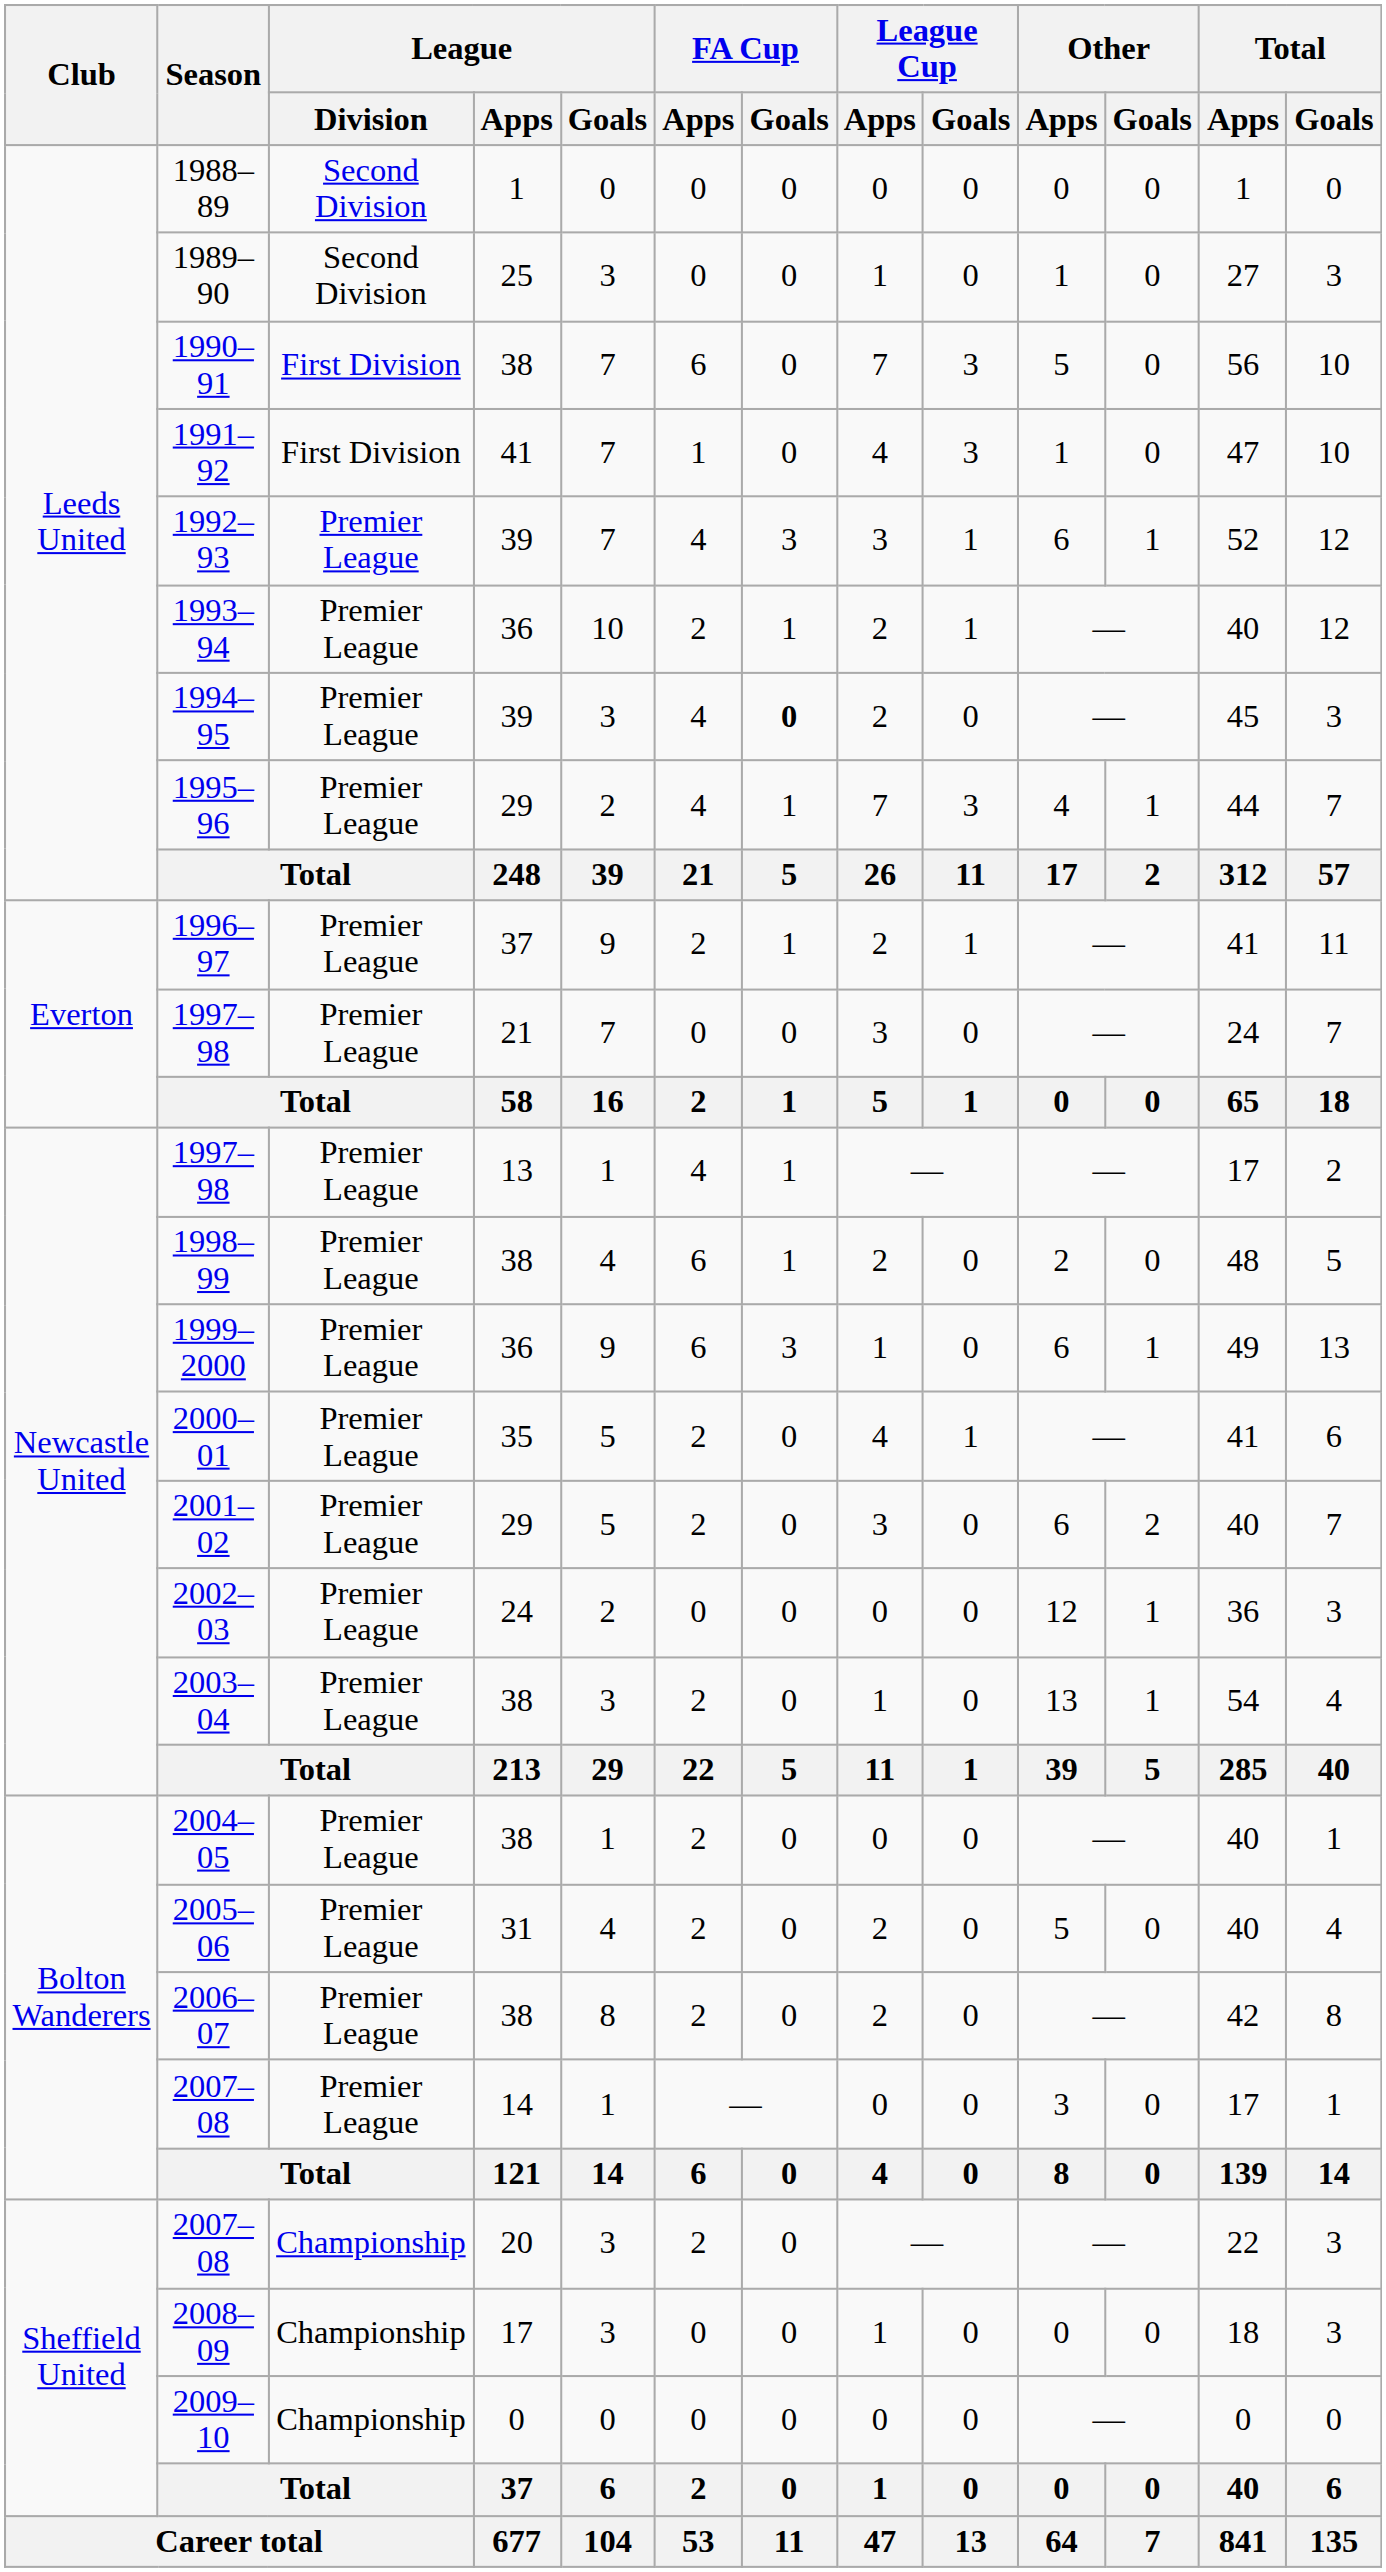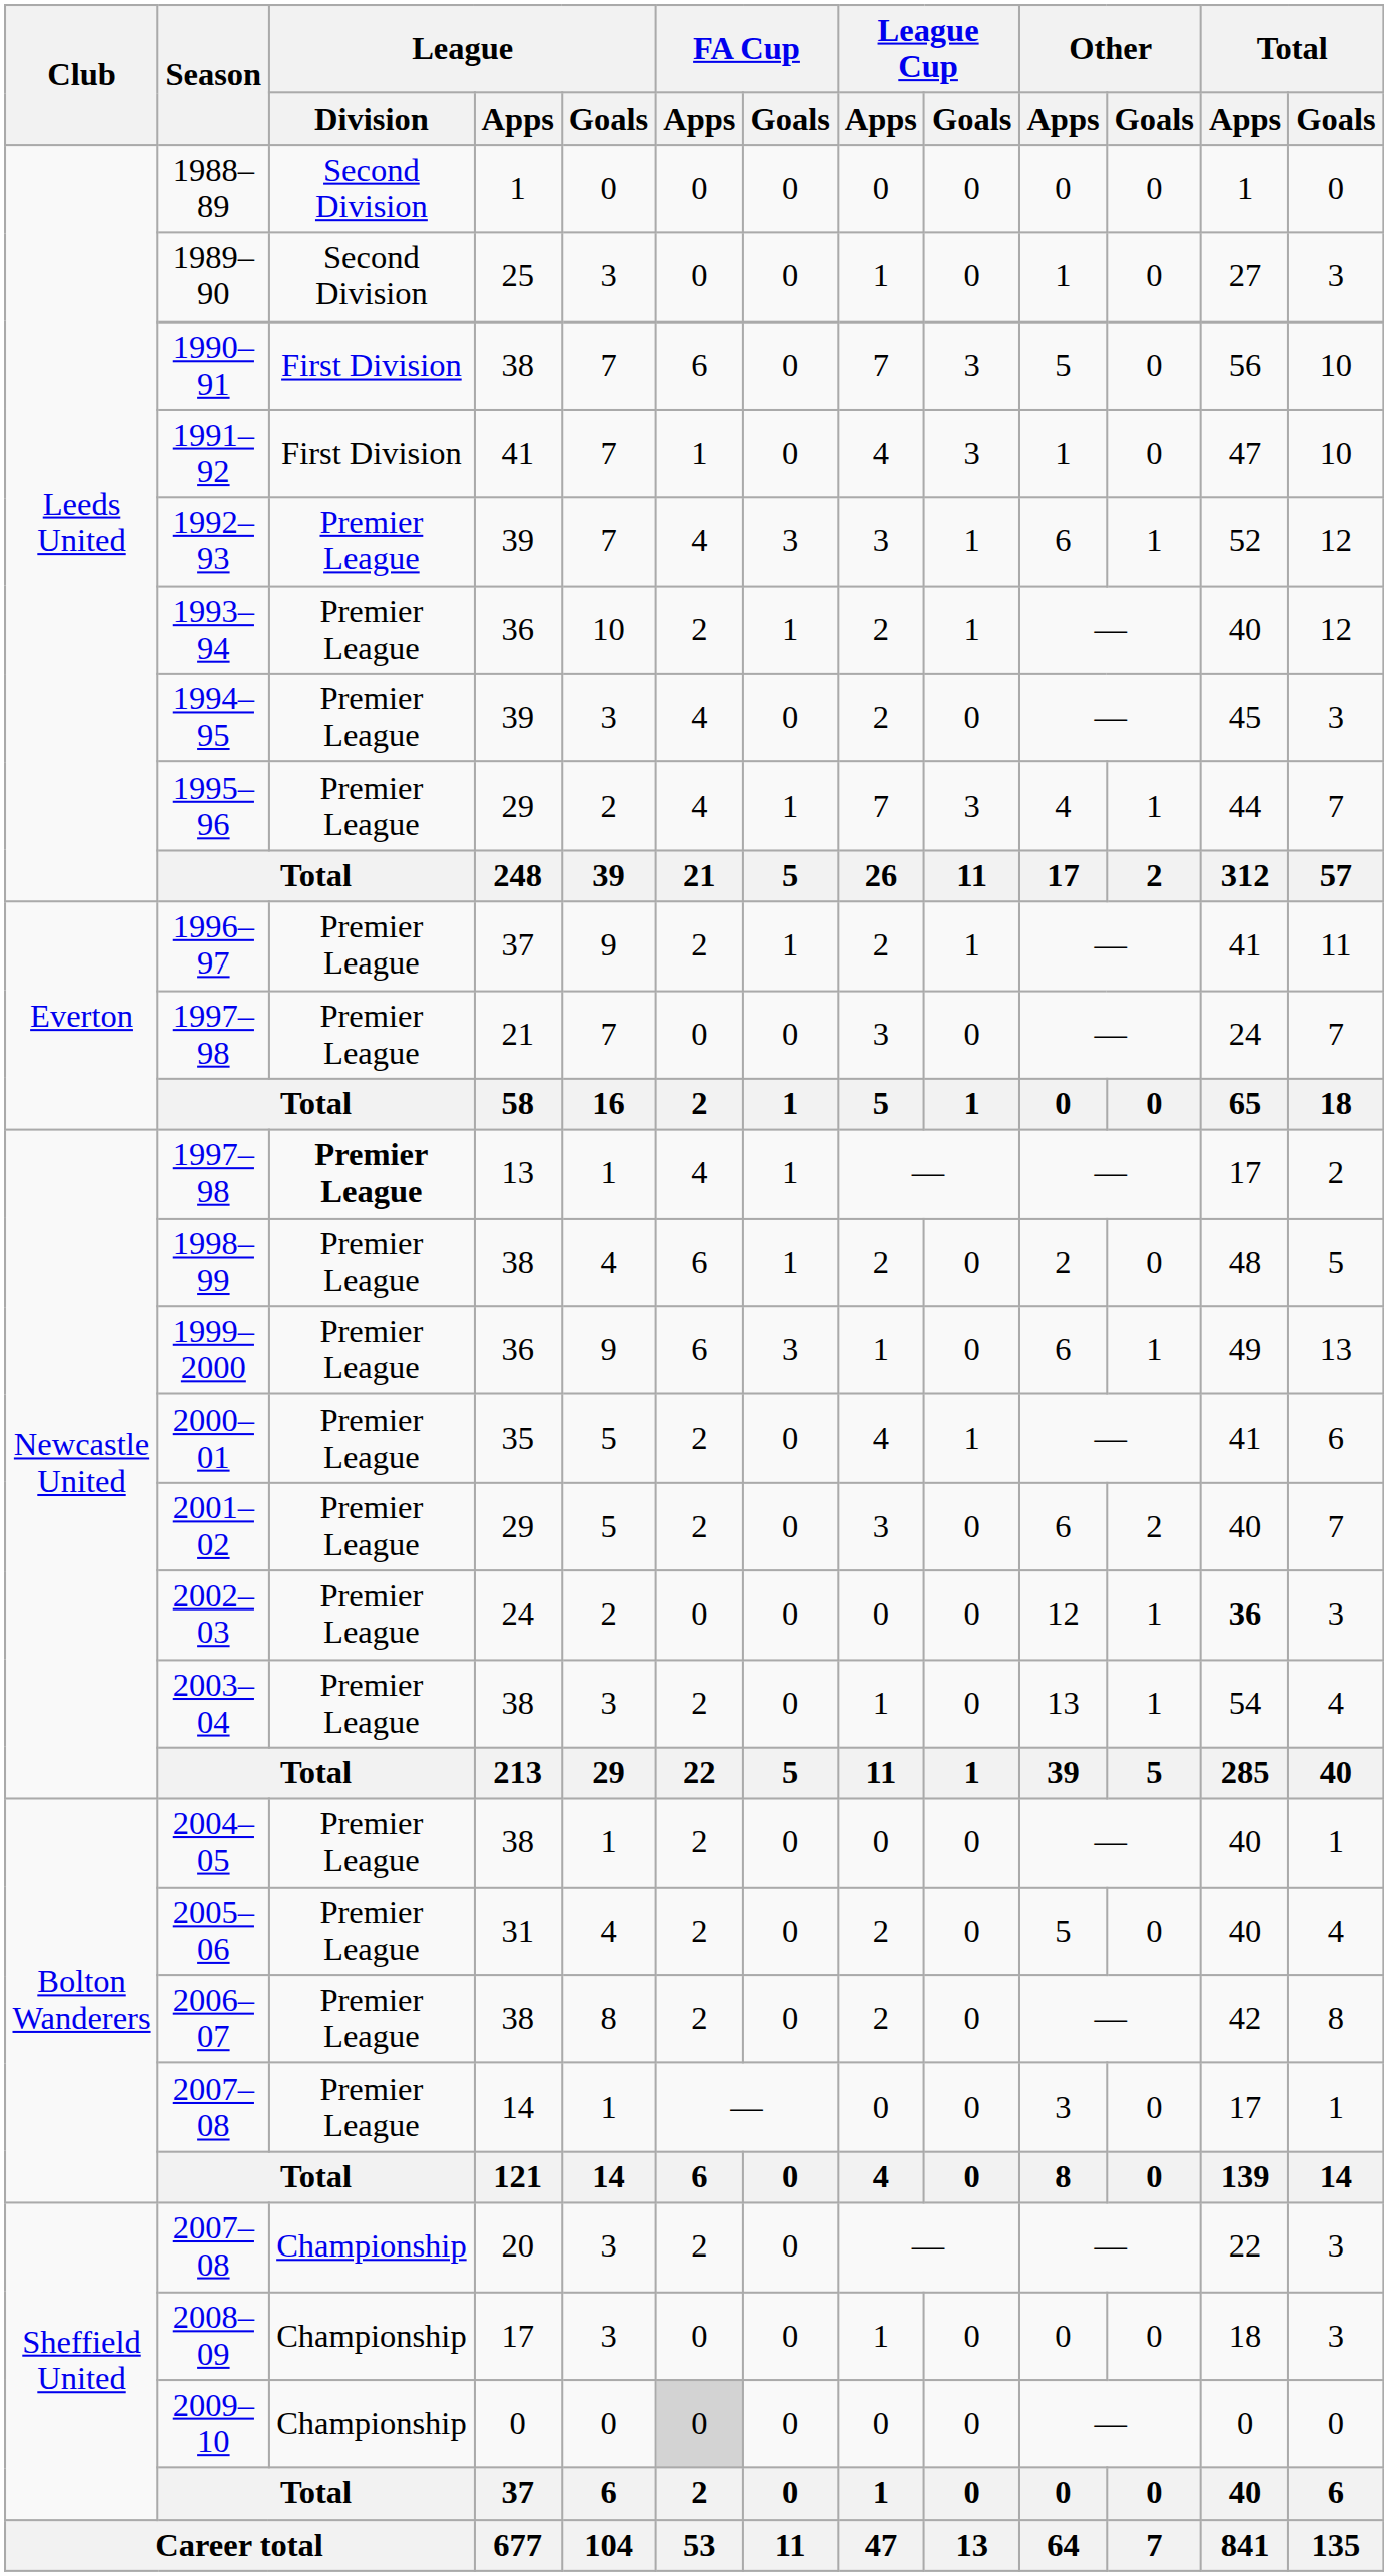 <table class="wikitable" style="text-align:center">
 <tr>
 <th rowspan="2">Club</th>
 <th rowspan="2">Season</th>
 <th colspan="3">League</th>
 <th colspan="2"><a href='#'>FA Cup</a></th>
 <th colspan="2"><a href='#'>League Cup</a></th>
 <th colspan="2">Other</th>
 <th colspan="2">Total</th>
 </tr>
 <tr>
 <th>Division</th>
 <th>Apps</th>
 <th>Goals</th>
 <th>Apps</th>
 <th>Goals</th>
 <th>Apps</th>
 <th>Goals</th>
 <th>Apps</th>
 <th>Goals</th>
 <th>Apps</th>
 <th>Goals</th>
 </tr>
 <tr>
 <td rowspan=9><a href='#'>Leeds United</a></td>
 <td>1988–89</td>
 <td><a href='#'>Second Division</a></td>
 <td>1</td>
 <td>0</td>
 <td>0</td>
 <td>0</td>
 <td>0</td>
 <td>0</td>
 <td>0</td>
 <td>0</td>
 <td>1</td>
 <td>0</td>
 </tr>
 <tr>
 <td>1989–90</td>
 <td>Second Division</td>
 <td>25</td>
 <td>3</td>
 <td>0</td>
 <td>0</td>
 <td>1</td>
 <td>0</td>
 <td>1</td>
 <td>0</td>
 <td>27</td>
 <td>3</td>
 </tr>
 <tr>
 <td><a href='#'>1990–91</a></td>
 <td><a href='#'>First Division</a></td>
 <td>38</td>
 <td>7</td>
 <td>6</td>
 <td>0</td>
 <td>7</td>
 <td>3</td>
 <td>5</td>
 <td>0</td>
 <td>56</td>
 <td>10</td>
 </tr>
 <tr>
 <td><a href='#'>1991–92</a></td>
 <td>First Division</td>
 <td>41</td>
 <td>7</td>
 <td>1</td>
 <td>0</td>
 <td>4</td>
 <td>3</td>
 <td>1</td>
 <td>0</td>
 <td>47</td>
 <td>10</td>
 </tr>
 <tr>
 <td><a href='#'>1992–93</a></td>
 <td><a href='#'>Premier League</a></td>
 <td>39</td>
 <td>7</td>
 <td>4</td>
 <td>3</td>
 <td>3</td>
 <td>1</td>
 <td>6</td>
 <td>1</td>
 <td>52</td>
 <td>12</td>
 </tr>
 <tr>
 <td><a href='#'>1993–94</a></td>
 <td>Premier League</td>
 <td>36</td>
 <td>10</td>
 <td>2</td>
 <td>1</td>
 <td>2</td>
 <td>1</td>
 <td colspan="2">—</td>
 <td>40</td>
 <td>12</td>
 </tr>
 <tr>
 <td><a href='#'>1994–95</a></td>
 <td>Premier League</td>
 <td>39</td>
 <td>3</td>
 <td>4</td>
-<td><strong>0</strong></td>
+<td>0</td>
 <td>2</td>
 <td>0</td>
 <td colspan="2">—</td>
 <td>45</td>
 <td>3</td>
 </tr>
 <tr>
 <td><a href='#'>1995–96</a></td>
 <td>Premier League</td>
 <td>29</td>
 <td>2</td>
 <td>4</td>
 <td>1</td>
 <td>7</td>
 <td>3</td>
 <td>4</td>
 <td>1</td>
 <td>44</td>
 <td>7</td>
 </tr>
 <tr>
 <th colspan="2">Total</th>
 <th>248</th>
 <th>39</th>
 <th>21</th>
 <th>5</th>
 <th>26</th>
 <th>11</th>
 <th>17</th>
 <th>2</th>
 <th>312</th>
 <th>57</th>
 </tr>
 <tr>
 <td rowspan="3"><a href='#'>Everton</a></td>
 <td><a href='#'>1996–97</a></td>
 <td>Premier League</td>
 <td>37</td>
 <td>9</td>
 <td>2</td>
 <td>1</td>
 <td>2</td>
 <td>1</td>
 <td colspan="2">—</td>
 <td>41</td>
 <td>11</td>
 </tr>
 <tr>
 <td><a href='#'>1997–98</a></td>
 <td>Premier League</td>
 <td>21</td>
 <td>7</td>
 <td>0</td>
 <td>0</td>
 <td>3</td>
 <td>0</td>
 <td colspan="2">—</td>
 <td>24</td>
 <td>7</td>
 </tr>
 <tr>
 <th colspan="2">Total</th>
 <th>58</th>
 <th>16</th>
 <th>2</th>
 <th>1</th>
 <th>5</th>
 <th>1</th>
 <th>0</th>
 <th>0</th>
 <th>65</th>
 <th>18</th>
 </tr>
 <tr>
 <td rowspan=8><a href='#'>Newcastle United</a></td>
 <td><a href='#'>1997–98</a></td>
-<td>Premier League</td>
+<td><strong>Premier League</strong></td>
 <td>13</td>
 <td>1</td>
 <td>4</td>
 <td>1</td>
 <td colspan="2">—</td>
 <td colspan="2">—</td>
 <td>17</td>
 <td>2</td>
 </tr>
 <tr>
 <td><a href='#'>1998–99</a></td>
 <td>Premier League</td>
 <td>38</td>
 <td>4</td>
 <td>6</td>
 <td>1</td>
 <td>2</td>
 <td>0</td>
 <td>2</td>
 <td>0</td>
 <td>48</td>
 <td>5</td>
 </tr>
 <tr>
 <td><a href='#'>1999–2000</a></td>
 <td>Premier League</td>
 <td>36</td>
 <td>9</td>
 <td>6</td>
 <td>3</td>
 <td>1</td>
 <td>0</td>
 <td>6</td>
 <td>1</td>
 <td>49</td>
 <td>13</td>
 </tr>
 <tr>
 <td><a href='#'>2000–01</a></td>
 <td>Premier League</td>
 <td>35</td>
 <td>5</td>
 <td>2</td>
 <td>0</td>
 <td>4</td>
 <td>1</td>
 <td colspan="2">—</td>
 <td>41</td>
 <td>6</td>
 </tr>
 <tr>
 <td><a href='#'>2001–02</a></td>
 <td>Premier League</td>
 <td>29</td>
 <td>5</td>
 <td>2</td>
 <td>0</td>
 <td>3</td>
 <td>0</td>
 <td>6</td>
 <td>2</td>
 <td>40</td>
 <td>7</td>
 </tr>
 <tr>
 <td><a href='#'>2002–03</a></td>
 <td>Premier League</td>
 <td>24</td>
 <td>2</td>
 <td>0</td>
 <td>0</td>
 <td>0</td>
 <td>0</td>
 <td>12</td>
 <td>1</td>
-<td>36</td>
+<td><strong>36</strong></td>
 <td>3</td>
 </tr>
 <tr>
 <td><a href='#'>2003–04</a></td>
 <td>Premier League</td>
 <td>38</td>
 <td>3</td>
 <td>2</td>
 <td>0</td>
 <td>1</td>
 <td>0</td>
 <td>13</td>
 <td>1</td>
 <td>54</td>
 <td>4</td>
 </tr>
 <tr>
 <th colspan="2">Total</th>
 <th>213</th>
 <th>29</th>
 <th>22</th>
 <th>5</th>
 <th>11</th>
 <th>1</th>
 <th>39</th>
 <th>5</th>
 <th>285</th>
 <th>40</th>
 </tr>
 <tr>
 <td rowspan="5"><a href='#'>Bolton Wanderers</a></td>
 <td><a href='#'>2004–05</a></td>
 <td>Premier League</td>
 <td>38</td>
 <td>1</td>
 <td>2</td>
 <td>0</td>
 <td>0</td>
 <td>0</td>
 <td colspan="2">—</td>
 <td>40</td>
 <td>1</td>
 </tr>
 <tr>
 <td><a href='#'>2005–06</a></td>
 <td>Premier League</td>
 <td>31</td>
 <td>4</td>
 <td>2</td>
 <td>0</td>
 <td>2</td>
 <td>0</td>
 <td>5</td>
 <td>0</td>
 <td>40</td>
 <td>4</td>
 </tr>
 <tr>
 <td><a href='#'>2006–07</a></td>
 <td>Premier League</td>
 <td>38</td>
 <td>8</td>
 <td>2</td>
 <td>0</td>
 <td>2</td>
 <td>0</td>
 <td colspan="2">—</td>
 <td>42</td>
 <td>8</td>
 </tr>
 <tr>
 <td><a href='#'>2007–08</a></td>
 <td>Premier League</td>
 <td>14</td>
 <td>1</td>
 <td colspan="2">—</td>
 <td>0</td>
 <td>0</td>
 <td>3</td>
 <td>0</td>
 <td>17</td>
 <td>1</td>
 </tr>
 <tr>
 <th colspan="2">Total</th>
 <th>121</th>
 <th>14</th>
 <th>6</th>
 <th>0</th>
 <th>4</th>
 <th>0</th>
 <th>8</th>
 <th>0</th>
 <th>139</th>
 <th>14</th>
 </tr>
 <tr>
 <td rowspan="4"><a href='#'>Sheffield United</a></td>
 <td><a href='#'>2007–08</a></td>
 <td><a href='#'>Championship</a></td>
 <td>20</td>
 <td>3</td>
 <td>2</td>
 <td>0</td>
 <td colspan="2">—</td>
 <td colspan="2">—</td>
 <td>22</td>
 <td>3</td>
 </tr>
 <tr>
 <td><a href='#'>2008–09</a></td>
 <td>Championship</td>
 <td>17</td>
 <td>3</td>
 <td>0</td>
 <td>0</td>
 <td>1</td>
 <td>0</td>
 <td>0</td>
 <td>0</td>
 <td>18</td>
 <td>3</td>
 </tr>
 <tr>
 <td><a href='#'>2009–10</a></td>
 <td>Championship</td>
 <td>0</td>
 <td>0</td>
-<td>0</td>
+<td style="background: lightgrey;">0</td>
 <td>0</td>
 <td>0</td>
 <td>0</td>
 <td colspan="2">—</td>
 <td>0</td>
 <td>0</td>
 </tr>
 <tr>
 <th colspan="2">Total</th>
 <th>37</th>
 <th>6</th>
 <th>2</th>
 <th>0</th>
 <th>1</th>
 <th>0</th>
 <th>0</th>
 <th>0</th>
 <th>40</th>
 <th>6</th>
 </tr>
 <tr>
 <th colspan="3">Career total</th>
 <th>677</th>
 <th>104</th>
 <th>53</th>
 <th>11</th>
 <th>47</th>
 <th>13</th>
 <th>64</th>
 <th>7</th>
 <th>841</th>
 <th>135</th>
 </tr>
 </table>
